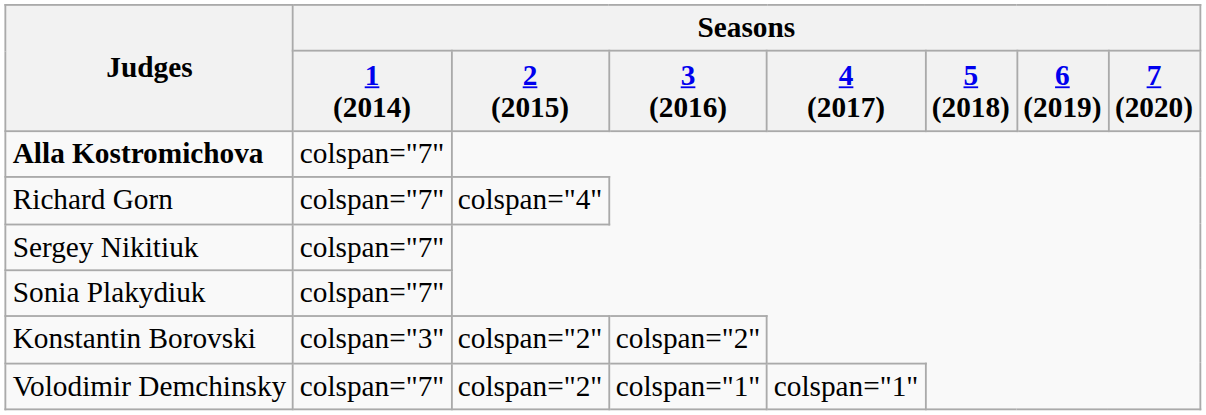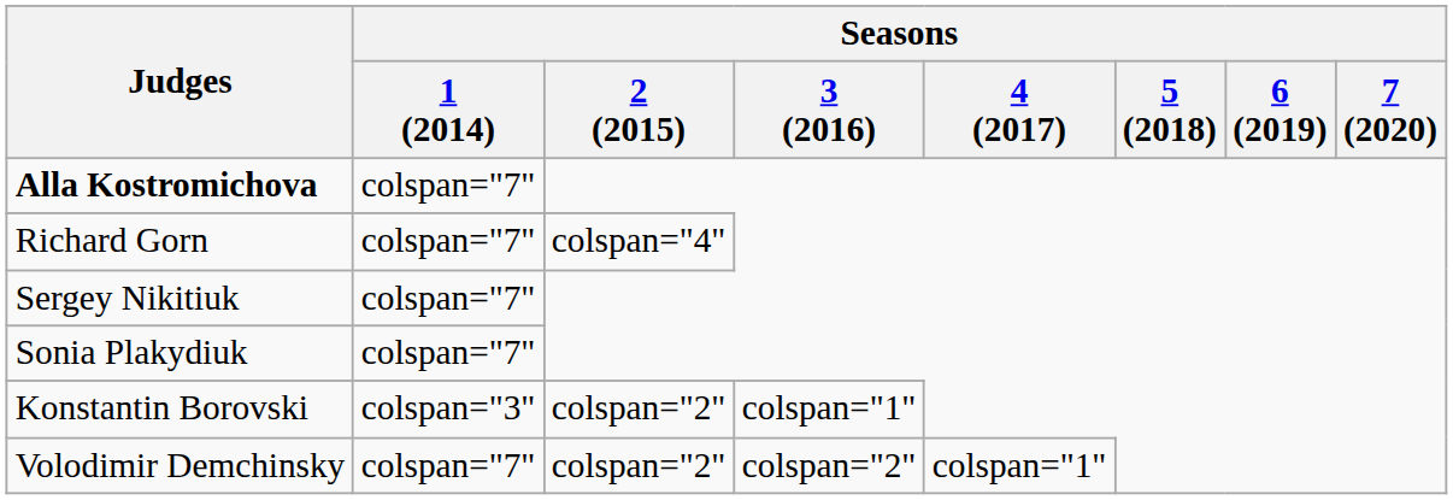 <table class="wikitable" style="margin:1em auto 1em auto;">
 <tr>
 <th rowspan="2">Judges</th>
 <th colspan="7">Seasons</th>
 </tr>
 <tr>
 <th><a href='#'>1</a><br> (2014)</th>
 <th><a href='#'>2</a><br> (2015)</th>
 <th><a href='#'>3</a><br> (2016)</th>
 <th><a href='#'>4</a><br> (2017)</th>
 <th><a href='#'>5</a><br> (2018)</th>
 <th><a href='#'>6</a><br> (2019)</th>
 <th><a href='#'>7</a><br> (2020)</th>
 </tr>
 <tr>
 <td><strong>Alla Kostromichova</strong></td>
 <td>colspan="7" </td>
 </tr>
 <tr>
 <td>Richard Gorn</td>
 <td>colspan="7" </td>
 <td>colspan="4" </td>
 </tr>
 <tr>
 <td>Sergey Nikitiuk</td>
 <td>colspan="7" </td>
 </tr>
 <tr>
 <td>Sonia Plakydiuk</td>
 <td>colspan="7" </td>
 </tr>
 <tr>
 <td>Konstantin Borovski</td>
 <td>colspan="3" </td>
 <td>colspan="2" </td>
-<td>colspan="2" </td>
+<td>colspan="1" </td>
 </tr>
 <tr>
 <td>Volodimir Demchinsky</td>
 <td>colspan="7" </td>
 <td>colspan="2" </td>
-<td>colspan="1" </td>
+<td>colspan="2" </td>
 <td>colspan="1" </td>
 </tr>
 </table>
